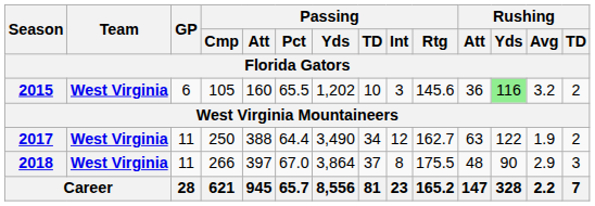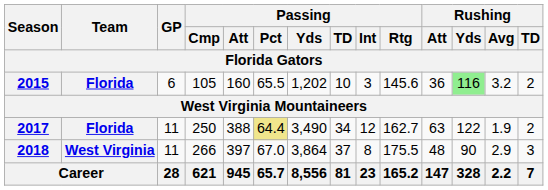 <table class="wikitable" style="text-align:center;">
 <tr>
 <th rowspan="2">Season</th>
 <th rowspan="2">Team</th>
 <th rowspan="2">GP</th>
 <th colspan="7">Passing</th>
 <th colspan="4">Rushing</th>
 </tr>
 <tr>
 <th>Cmp</th>
 <th>Att</th>
 <th>Pct</th>
 <th>Yds</th>
 <th>TD</th>
 <th>Int</th>
 <th>Rtg</th>
 <th>Att</th>
 <th>Yds</th>
 <th>Avg</th>
 <th>TD</th>
 </tr>
 <tr>
 <th colspan="17">Florida Gators</th>
 </tr>
 <tr>
 <th><a href='#'>2015</a></th>
-<th><a href='#'>West Virginia</a></th>
+<th><a href='#'>Florida</a></th>
 <td>6</td>
 <td>105</td>
 <td>160</td>
 <td>65.5</td>
 <td>1,202</td>
 <td>10</td>
 <td>3</td>
 <td>145.6</td>
 <td>36</td>
 <td style="background: lightgreen;">116</td>
 <td>3.2</td>
 <td>2</td>
 </tr>
 <tr>
 <th colspan="17">West Virginia Mountaineers</th>
 </tr>
 <tr>
 <th><a href='#'>2017</a></th>
-<th><a href='#'>West Virginia</a></th>
+<th><a href='#'>Florida</a></th>
 <td>11</td>
 <td>250</td>
 <td>388</td>
-<td>64.4</td>
+<td style="background: khaki;">64.4</td>
 <td>3,490</td>
 <td>34</td>
 <td>12</td>
 <td>162.7</td>
 <td>63</td>
 <td>122</td>
 <td>1.9</td>
 <td>2</td>
 </tr>
 <tr>
 <th><a href='#'>2018</a></th>
 <th><a href='#'>West Virginia</a></th>
 <td>11</td>
 <td>266</td>
 <td>397</td>
 <td>67.0</td>
 <td>3,864</td>
 <td>37</td>
 <td>8</td>
 <td>175.5</td>
 <td>48</td>
 <td>90</td>
 <td>2.9</td>
 <td>3</td>
 </tr>
 <tr>
 <th colspan="2">Career</th>
 <th>28</th>
 <th>621</th>
 <th>945</th>
 <th>65.7</th>
 <th>8,556</th>
 <th>81</th>
 <th>23</th>
 <th>165.2</th>
 <th>147</th>
 <th>328</th>
 <th>2.2</th>
 <th>7</th>
 </tr>
 </table>
